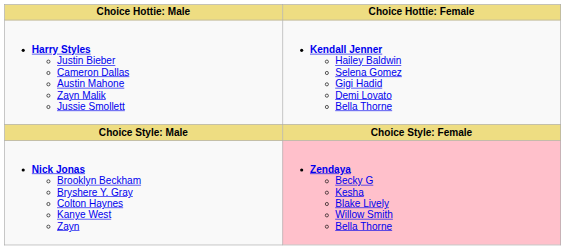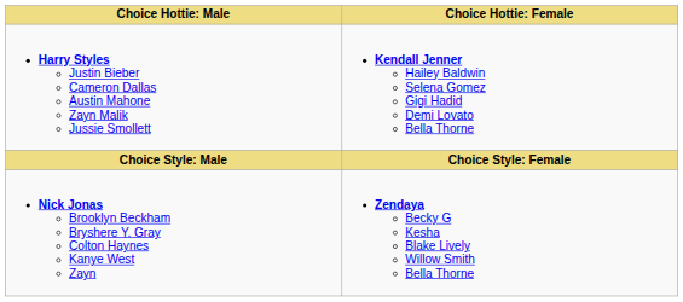 <table class="wikitable" style="width:100%">
 <tr>
 <th style="background:#EEDD82; width:50%">Choice Hottie: Male</th>
 <th style="background:#EEDD82; width:50%">Choice Hottie: Female</th>
 </tr>
 <tr>
 <td valign="top"><br><ul><li><strong><a href='#'>Harry Styles</a></strong><ul><li><a href='#'>Justin Bieber</a></li><li><a href='#'>Cameron Dallas</a></li><li><a href='#'>Austin Mahone</a></li><li><a href='#'>Zayn Malik</a></li><li><a href='#'>Jussie Smollett</a></li></ul></li></ul></td>
 <td valign="top"><br><ul><li><strong><a href='#'>Kendall Jenner</a></strong><ul><li><a href='#'>Hailey Baldwin</a></li><li><a href='#'>Selena Gomez</a></li><li><a href='#'>Gigi Hadid</a></li><li><a href='#'>Demi Lovato</a></li><li><a href='#'>Bella Thorne</a></li></ul></li></ul></td>
 </tr>
 <tr>
 <th style="background:#EEDD82; width:50%">Choice Style: Male</th>
 <th style="background:#EEDD82; width:50%">Choice Style: Female</th>
 </tr>
 <tr>
 <td valign="top"><br><ul><li><strong><a href='#'>Nick Jonas</a></strong><ul><li><a href='#'>Brooklyn Beckham</a></li><li><a href='#'>Bryshere Y. Gray</a></li><li><a href='#'>Colton Haynes</a></li><li><a href='#'>Kanye West</a></li><li><a href='#'>Zayn</a></li></ul></li></ul></td>
-<td valign="top" style="background: pink;"><br><ul><li><strong><a href='#'>Zendaya</a></strong><ul><li><a href='#'>Becky G</a></li><li><a href='#'>Kesha</a></li><li><a href='#'>Blake Lively</a></li><li><a href='#'>Willow Smith</a></li><li><a href='#'>Bella Thorne</a></li></ul></li></ul></td>
+<td valign="top"><br><ul><li><strong><a href='#'>Zendaya</a></strong><ul><li><a href='#'>Becky G</a></li><li><a href='#'>Kesha</a></li><li><a href='#'>Blake Lively</a></li><li><a href='#'>Willow Smith</a></li><li><a href='#'>Bella Thorne</a></li></ul></li></ul></td>
 </tr>
 </table>
